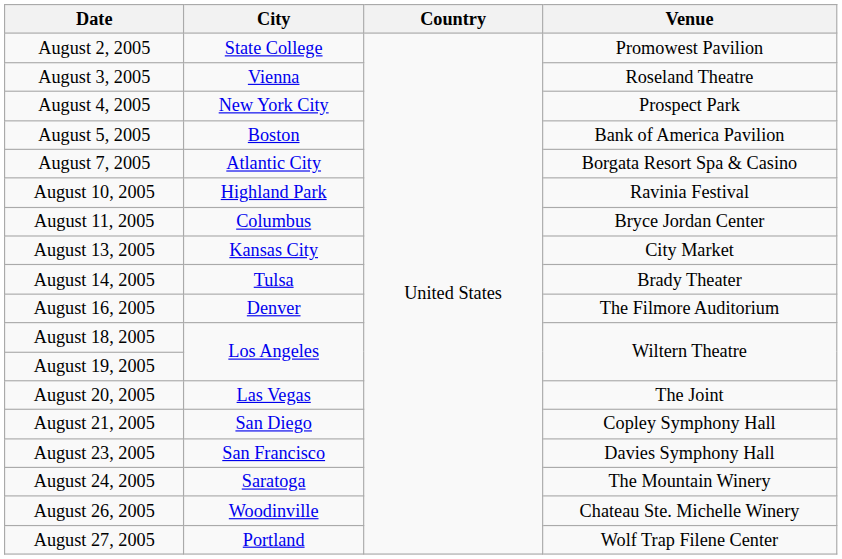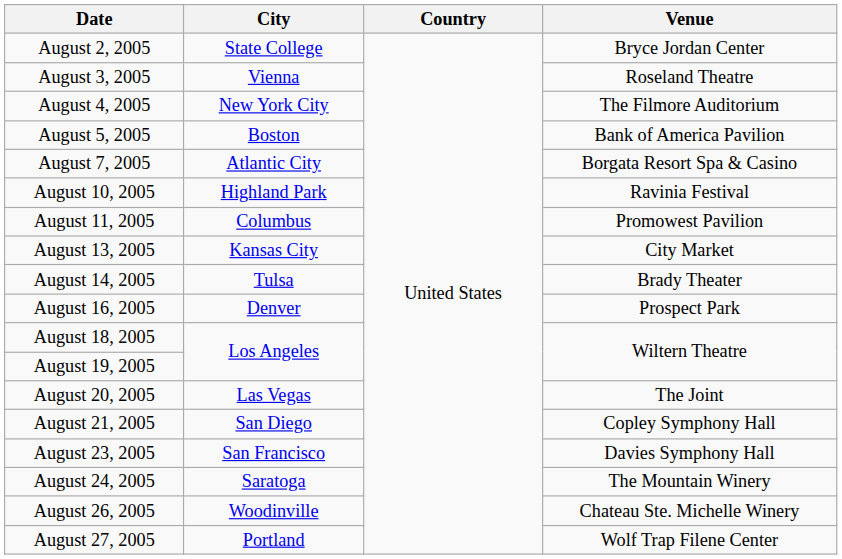 <table class="wikitable" style="text-align:center;">
 <tr>
 <th width="150">Date</th>
 <th width="150">City</th>
 <th width="150">Country</th>
 <th width="250">Venue</th>
 </tr>
 <tr>
 <td>August 2, 2005</td>
 <td><a href='#'>State College</a></td>
 <td rowspan="18">United States</td>
-<td>Promowest Pavilion</td>
+<td>Bryce Jordan Center</td>
 </tr>
 <tr>
 <td>August 3, 2005</td>
 <td><a href='#'>Vienna</a></td>
 <td>Roseland Theatre</td>
 </tr>
 <tr>
 <td>August 4, 2005</td>
 <td><a href='#'>New York City</a></td>
-<td>Prospect Park</td>
+<td>The Filmore Auditorium</td>
 </tr>
 <tr>
 <td>August 5, 2005</td>
 <td><a href='#'>Boston</a></td>
 <td>Bank of America Pavilion</td>
 </tr>
 <tr>
 <td>August 7, 2005</td>
 <td><a href='#'>Atlantic City</a></td>
 <td>Borgata Resort Spa & Casino</td>
 </tr>
 <tr>
 <td>August 10, 2005</td>
 <td><a href='#'>Highland Park</a></td>
 <td>Ravinia Festival</td>
 </tr>
 <tr>
 <td>August 11, 2005</td>
 <td><a href='#'>Columbus</a></td>
-<td>Bryce Jordan Center</td>
+<td>Promowest Pavilion</td>
 </tr>
 <tr>
 <td>August 13, 2005</td>
 <td><a href='#'>Kansas City</a></td>
 <td>City Market</td>
 </tr>
 <tr>
 <td>August 14, 2005</td>
 <td><a href='#'>Tulsa</a></td>
 <td>Brady Theater</td>
 </tr>
 <tr>
 <td>August 16, 2005</td>
 <td><a href='#'>Denver</a></td>
-<td>The Filmore Auditorium</td>
+<td>Prospect Park</td>
 </tr>
 <tr>
 <td>August 18, 2005</td>
 <td rowspan="2"><a href='#'>Los Angeles</a></td>
 <td rowspan="2">Wiltern Theatre</td>
 </tr>
 <tr>
 <td>August 19, 2005</td>
 </tr>
 <tr>
 <td>August 20, 2005</td>
 <td><a href='#'>Las Vegas</a></td>
 <td>The Joint</td>
 </tr>
 <tr>
 <td>August 21, 2005</td>
 <td><a href='#'>San Diego</a></td>
 <td>Copley Symphony Hall</td>
 </tr>
 <tr>
 <td>August 23, 2005</td>
 <td><a href='#'>San Francisco</a></td>
 <td>Davies Symphony Hall</td>
 </tr>
 <tr>
 <td>August 24, 2005</td>
 <td><a href='#'>Saratoga</a></td>
 <td>The Mountain Winery</td>
 </tr>
 <tr>
 <td>August 26, 2005</td>
 <td><a href='#'>Woodinville</a></td>
 <td>Chateau Ste. Michelle Winery</td>
 </tr>
 <tr>
 <td>August 27, 2005</td>
 <td><a href='#'>Portland</a></td>
 <td>Wolf Trap Filene Center</td>
 </tr>
 </table>
